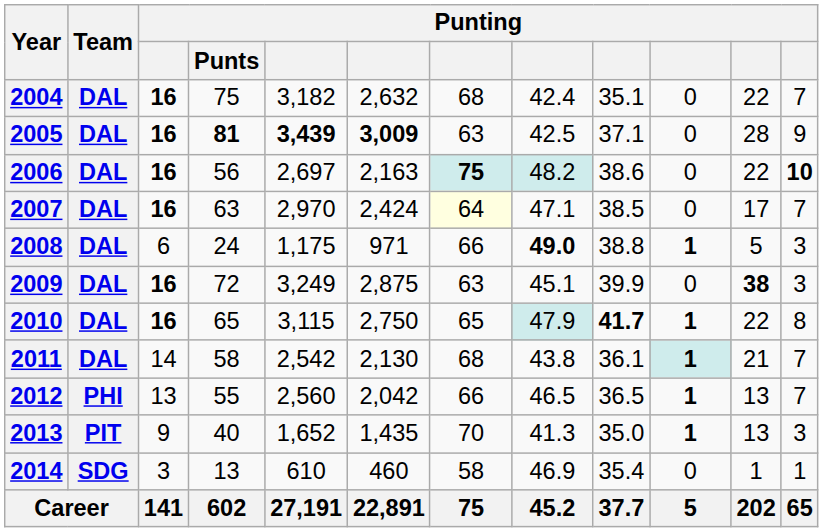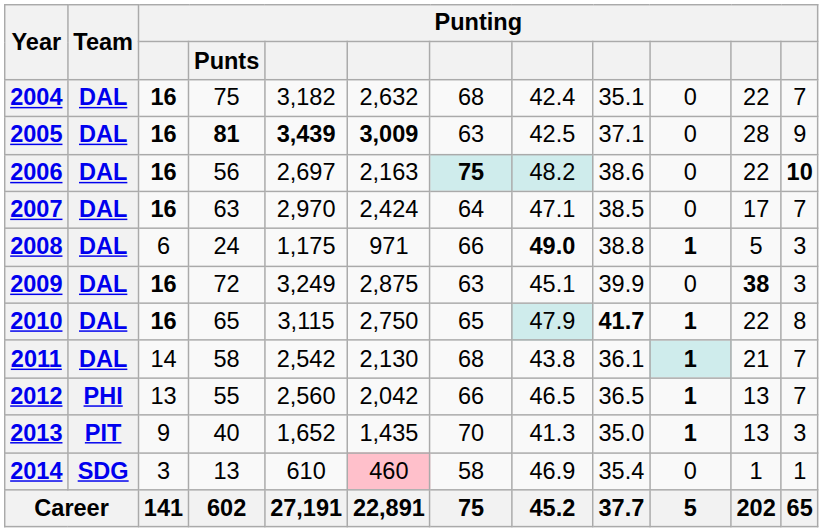 <table class=wikitable style="text-align:center;">
 <tr>
 <th rowspan="2">Year</th>
 <th rowspan="2">Team</th>
 <th colspan="10">Punting</th>
 </tr>
 <tr>
 <th></th>
 <th>Punts</th>
 <th></th>
 <th></th>
 <th></th>
 <th></th>
 <th></th>
 <th></th>
 <th></th>
 <th></th>
 </tr>
 <tr>
 <th><a href='#'>2004</a></th>
 <th><a href='#'>DAL</a></th>
 <td><strong>16</strong></td>
 <td>75</td>
 <td>3,182</td>
 <td>2,632</td>
 <td>68</td>
 <td>42.4</td>
 <td>35.1</td>
 <td>0</td>
 <td>22</td>
 <td>7</td>
 </tr>
 <tr>
 <th><a href='#'>2005</a></th>
 <th><a href='#'>DAL</a></th>
 <td><strong>16</strong></td>
 <td><strong>81</strong></td>
 <td><strong>3,439</strong></td>
 <td><strong>3,009</strong></td>
 <td>63</td>
 <td>42.5</td>
 <td>37.1</td>
 <td>0</td>
 <td>28</td>
 <td>9</td>
 </tr>
 <tr>
 <th><a href='#'>2006</a></th>
 <th><a href='#'>DAL</a></th>
 <td><strong>16</strong></td>
 <td>56</td>
 <td>2,697</td>
 <td>2,163</td>
 <td style="background:#cfecec; width:3em;"><strong>75</strong></td>
 <td style="background:#cfecec; width:3em;">48.2</td>
 <td>38.6</td>
 <td>0</td>
 <td>22</td>
 <td><strong>10</strong></td>
 </tr>
 <tr>
 <th><a href='#'>2007</a></th>
 <th><a href='#'>DAL</a></th>
 <td><strong>16</strong></td>
 <td>63</td>
 <td>2,970</td>
 <td>2,424</td>
-<td style="background: lightyellow;">64</td>
+<td>64</td>
 <td>47.1</td>
 <td>38.5</td>
 <td>0</td>
 <td>17</td>
 <td>7</td>
 </tr>
 <tr>
 <th><a href='#'>2008</a></th>
 <th><a href='#'>DAL</a></th>
 <td>6</td>
 <td>24</td>
 <td>1,175</td>
 <td>971</td>
 <td>66</td>
 <td><strong>49.0</strong></td>
 <td>38.8</td>
 <td><strong>1</strong></td>
 <td>5</td>
 <td>3</td>
 </tr>
 <tr>
 <th><a href='#'>2009</a></th>
 <th><a href='#'>DAL</a></th>
 <td><strong>16</strong></td>
 <td>72</td>
 <td>3,249</td>
 <td>2,875</td>
 <td>63</td>
 <td>45.1</td>
 <td>39.9</td>
 <td>0</td>
 <td><strong>38</strong></td>
 <td>3</td>
 </tr>
 <tr>
 <th><a href='#'>2010</a></th>
 <th><a href='#'>DAL</a></th>
 <td><strong>16</strong></td>
 <td>65</td>
 <td>3,115</td>
 <td>2,750</td>
 <td>65</td>
 <td style="background:#cfecec; width:3em;">47.9</td>
 <td><strong>41.7</strong></td>
 <td><strong>1</strong></td>
 <td>22</td>
 <td>8</td>
 </tr>
 <tr>
 <th><a href='#'>2011</a></th>
 <th><a href='#'>DAL</a></th>
 <td>14</td>
 <td>58</td>
 <td>2,542</td>
 <td>2,130</td>
 <td>68</td>
 <td>43.8</td>
 <td>36.1</td>
 <td style="background:#cfecec; width:3em;"><strong>1</strong></td>
 <td>21</td>
 <td>7</td>
 </tr>
 <tr>
 <th><a href='#'>2012</a></th>
 <th><a href='#'>PHI</a></th>
 <td>13</td>
 <td>55</td>
 <td>2,560</td>
 <td>2,042</td>
 <td>66</td>
 <td>46.5</td>
 <td>36.5</td>
 <td><strong>1</strong></td>
 <td>13</td>
 <td>7</td>
 </tr>
 <tr>
 <th><a href='#'>2013</a></th>
 <th><a href='#'>PIT</a></th>
 <td>9</td>
 <td>40</td>
 <td>1,652</td>
 <td>1,435</td>
 <td>70</td>
 <td>41.3</td>
 <td>35.0</td>
 <td><strong>1</strong></td>
 <td>13</td>
 <td>3</td>
 </tr>
 <tr>
 <th><a href='#'>2014</a></th>
 <th><a href='#'>SDG</a></th>
 <td>3</td>
 <td>13</td>
 <td>610</td>
-<td>460</td>
+<td style="background: pink;">460</td>
 <td>58</td>
 <td>46.9</td>
 <td>35.4</td>
 <td>0</td>
 <td>1</td>
 <td>1</td>
 </tr>
 <tr>
 <th colspan="2">Career</th>
 <th>141</th>
 <th>602</th>
 <th>27,191</th>
 <th>22,891</th>
 <th>75</th>
 <th>45.2</th>
 <th>37.7</th>
 <th>5</th>
 <th>202</th>
 <th>65</th>
 </tr>
 </table>
